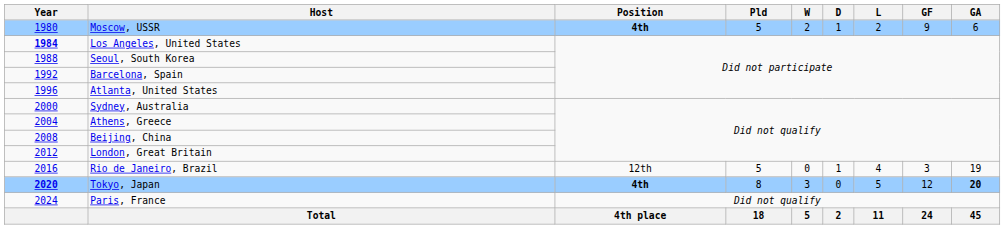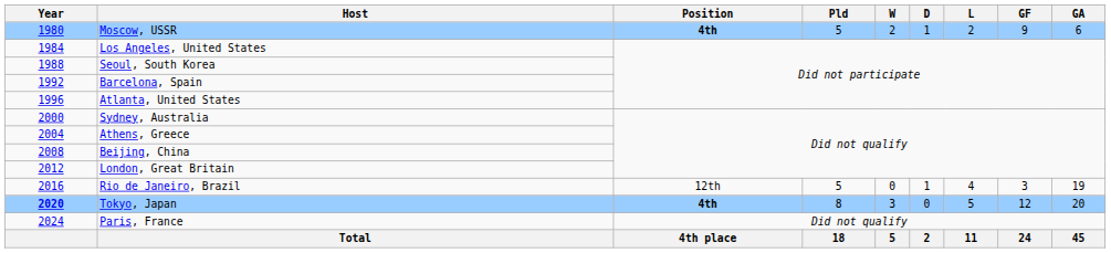 <table class="wikitable" style="text-align: center; width:85%">
 <tr>
 <th>Year</th>
 <th>Host</th>
 <th>Position</th>
 <th>Pld</th>
 <th>W</th>
 <th>D</th>
 <th>L</th>
 <th>GF</th>
 <th>GA</th>
 </tr>
 <tr style="background:#9acdff;">
 <td><a href='#'>1980</a></td>
 <td align=left> <a href='#'>Moscow</a>, USSR</td>
 <td><strong>4th</strong></td>
 <td>5</td>
 <td>2</td>
 <td>1</td>
 <td>2</td>
 <td>9</td>
 <td>6</td>
 </tr>
 <tr>
-<td><strong><a href='#'>1984</a></strong></td>
+<td><a href='#'>1984</a></td>
 <td align=left> <a href='#'>Los Angeles</a>, United States</td>
 <td rowspan=4 colspan=7><em>Did not participate</em></td>
 </tr>
 <tr>
 <td><a href='#'>1988</a></td>
 <td align=left> <a href='#'>Seoul</a>, South Korea</td>
 </tr>
 <tr>
 <td><a href='#'>1992</a></td>
 <td align=left> <a href='#'>Barcelona</a>, Spain</td>
 </tr>
 <tr>
 <td><a href='#'>1996</a></td>
 <td align=left> <a href='#'>Atlanta</a>, United States</td>
 </tr>
 <tr>
 <td><a href='#'>2000</a></td>
 <td align=left> <a href='#'>Sydney</a>, Australia</td>
 <td rowspan=4 colspan=7><em>Did not qualify</em></td>
 </tr>
 <tr>
 <td><a href='#'>2004</a></td>
 <td align=left> <a href='#'>Athens</a>, Greece</td>
 </tr>
 <tr>
 <td><a href='#'>2008</a></td>
 <td align=left> <a href='#'>Beijing</a>, China</td>
 </tr>
 <tr>
 <td><a href='#'>2012</a></td>
 <td align=left> <a href='#'>London</a>, Great Britain</td>
 </tr>
 <tr>
 <td><a href='#'>2016</a></td>
 <td align=left> <a href='#'>Rio de Janeiro</a>, Brazil</td>
 <td>12th</td>
 <td>5</td>
 <td>0</td>
 <td>1</td>
 <td>4</td>
 <td>3</td>
 <td>19</td>
 </tr>
 <tr style="background:#9acdff;">
 <td><strong><a href='#'>2020</a></strong></td>
 <td align=left> <a href='#'>Tokyo</a>, Japan</td>
 <td><strong>4th</strong></td>
 <td>8</td>
 <td>3</td>
 <td>0</td>
 <td>5</td>
 <td>12</td>
-<td><strong>20</strong></td>
+<td>20</td>
 </tr>
 <tr>
 <td><a href='#'>2024</a></td>
 <td align=left> <a href='#'>Paris</a>, France</td>
 <td colspan=7><em>Did not qualify</em></td>
 </tr>
 <tr>
 <th></th>
 <th>Total</th>
 <th>4th place</th>
 <th>18</th>
 <th>5</th>
 <th>2</th>
 <th>11</th>
 <th>24</th>
 <th>45</th>
 </tr>
 </table>
